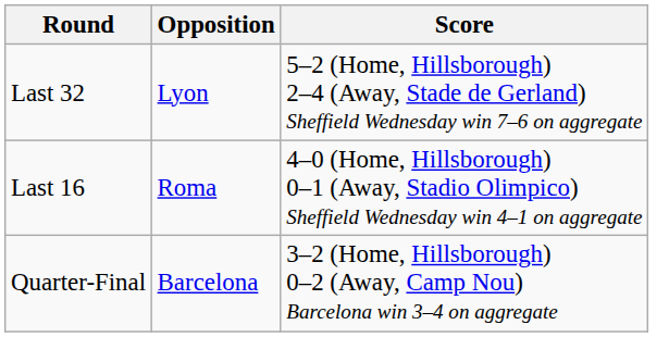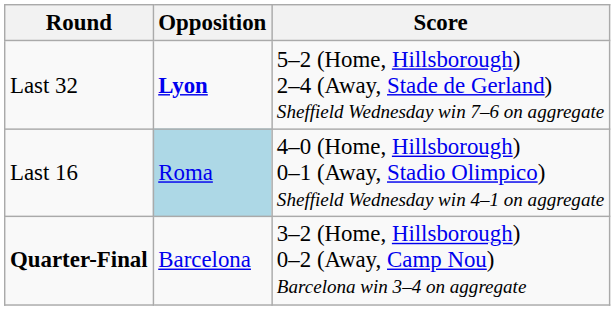 <table class="wikitable">
 <tr>
 <th>Round</th>
 <th>Opposition</th>
 <th>Score</th>
 </tr>
 <tr>
 <td>Last 32</td>
-<td> <a href='#'>Lyon</a></td>
+<td><strong> <a href='#'>Lyon</a></strong></td>
 <td>5–2 (Home, <a href='#'>Hillsborough</a>) <br> 2–4 (Away, <a href='#'>Stade de Gerland</a>) <br> <em><small>Sheffield Wednesday win 7–6 on aggregate</small></em></td>
 </tr>
 <tr>
 <td>Last 16</td>
-<td> <a href='#'>Roma</a></td>
+<td style="background: lightblue;"> <a href='#'>Roma</a></td>
 <td>4–0 (Home, <a href='#'>Hillsborough</a>) <br> 0–1 (Away, <a href='#'>Stadio Olimpico</a>) <br> <em><small>Sheffield Wednesday win 4–1 on aggregate</small></em></td>
 </tr>
 <tr>
-<td>Quarter-Final</td>
+<td><strong>Quarter-Final</strong></td>
 <td> <a href='#'>Barcelona</a></td>
 <td>3–2 (Home, <a href='#'>Hillsborough</a>) <br>  0–2 (Away, <a href='#'>Camp Nou</a>) <br> <em><small>Barcelona win 3–4 on aggregate</small></em></td>
 </tr>
 </table>
